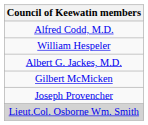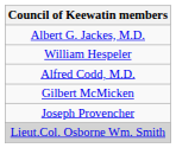 <table class="wikitable" align="left">
 <tr>
 <th>Council of Keewatin members</th>
 </tr>
 <tr>
-<td align=center><a href='#'>Alfred Codd, M.D.</a></td>
+<td align=center><a href='#'>Albert G. Jackes, M.D.</a></td>
 </tr>
 <tr>
 <td align=center><a href='#'>William Hespeler</a></td>
 </tr>
 <tr>
-<td align=center><a href='#'>Albert G. Jackes, M.D.</a></td>
+<td align=center><a href='#'>Alfred Codd, M.D.</a></td>
 </tr>
 <tr>
 <td align=center><a href='#'>Gilbert McMicken</a></td>
 </tr>
 <tr>
 <td align=center><a href='#'>Joseph Provencher</a></td>
 </tr>
 <tr>
 <td align=center style="background: lightgrey;"><a href='#'>Lieut.Col. Osborne Wm. Smith</a></td>
 </tr>
 </table>
